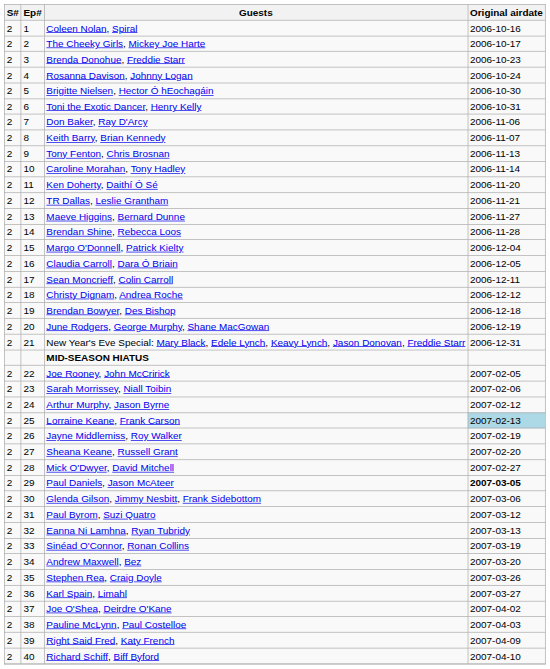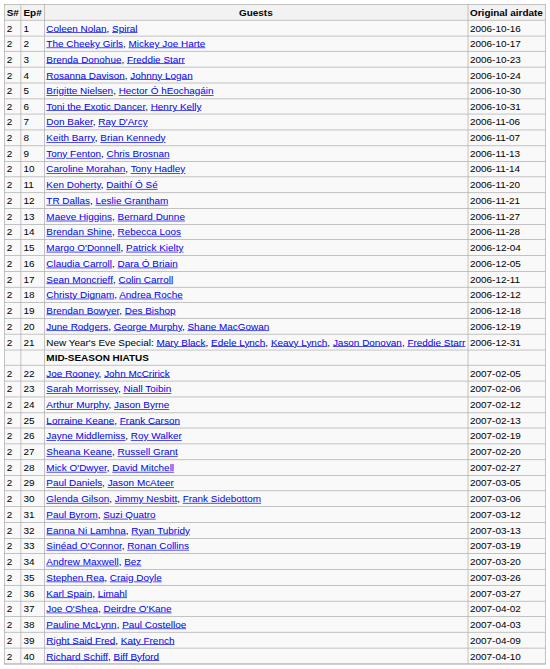 <table class="wikitable" style="font-size:90%">
 <tr>
 <th>S#</th>
 <th>Ep#</th>
 <th>Guests</th>
 <th>Original airdate</th>
 </tr>
 <tr>
 <td>2</td>
 <td>1</td>
 <td><a href='#'>Coleen Nolan</a>, <a href='#'>Spiral</a></td>
 <td>2006-10-16</td>
 </tr>
 <tr>
 <td>2</td>
 <td>2</td>
 <td><a href='#'>The Cheeky Girls</a>, <a href='#'>Mickey Joe Harte</a></td>
 <td>2006-10-17</td>
 </tr>
 <tr>
 <td>2</td>
 <td>3</td>
 <td><a href='#'>Brenda Donohue</a>, <a href='#'>Freddie Starr</a></td>
 <td>2006-10-23</td>
 </tr>
 <tr>
 <td>2</td>
 <td>4</td>
 <td><a href='#'>Rosanna Davison</a>, <a href='#'>Johnny Logan</a></td>
 <td>2006-10-24</td>
 </tr>
 <tr>
 <td>2</td>
 <td>5</td>
 <td><a href='#'>Brigitte Nielsen</a>, <a href='#'>Hector Ó hEochagáin</a></td>
 <td>2006-10-30</td>
 </tr>
 <tr>
 <td>2</td>
 <td>6</td>
 <td><a href='#'>Toni the Exotic Dancer</a>, <a href='#'>Henry Kelly</a></td>
 <td>2006-10-31</td>
 </tr>
 <tr>
 <td>2</td>
 <td>7</td>
 <td><a href='#'>Don Baker</a>, <a href='#'>Ray D'Arcy</a></td>
 <td>2006-11-06</td>
 </tr>
 <tr>
 <td>2</td>
 <td>8</td>
 <td><a href='#'>Keith Barry</a>, <a href='#'>Brian Kennedy</a></td>
 <td>2006-11-07</td>
 </tr>
 <tr>
 <td>2</td>
 <td>9</td>
 <td><a href='#'>Tony Fenton</a>, <a href='#'>Chris Brosnan</a></td>
 <td>2006-11-13</td>
 </tr>
 <tr>
 <td>2</td>
 <td>10</td>
 <td><a href='#'>Caroline Morahan</a>, <a href='#'>Tony Hadley</a></td>
 <td>2006-11-14</td>
 </tr>
 <tr>
 <td>2</td>
 <td>11</td>
 <td><a href='#'>Ken Doherty</a>, <a href='#'>Daithí Ó Sé</a></td>
 <td>2006-11-20</td>
 </tr>
 <tr>
 <td>2</td>
 <td>12</td>
 <td><a href='#'>TR Dallas</a>, <a href='#'>Leslie Grantham</a></td>
 <td>2006-11-21</td>
 </tr>
 <tr>
 <td>2</td>
 <td>13</td>
 <td><a href='#'>Maeve Higgins</a>, <a href='#'>Bernard Dunne</a></td>
 <td>2006-11-27</td>
 </tr>
 <tr>
 <td>2</td>
 <td>14</td>
 <td><a href='#'>Brendan Shine</a>, <a href='#'>Rebecca Loos</a></td>
 <td>2006-11-28</td>
 </tr>
 <tr>
 <td>2</td>
 <td>15</td>
 <td><a href='#'>Margo O'Donnell</a>, <a href='#'>Patrick Kielty</a></td>
 <td>2006-12-04</td>
 </tr>
 <tr>
 <td>2</td>
 <td>16</td>
 <td><a href='#'>Claudia Carroll</a>, <a href='#'>Dara Ó Briain</a></td>
 <td>2006-12-05</td>
 </tr>
 <tr>
 <td>2</td>
 <td>17</td>
 <td><a href='#'>Sean Moncrieff</a>, <a href='#'>Colin Carroll</a></td>
 <td>2006-12-11</td>
 </tr>
 <tr>
 <td>2</td>
 <td>18</td>
 <td><a href='#'>Christy Dignam</a>, <a href='#'>Andrea Roche</a></td>
 <td>2006-12-12</td>
 </tr>
 <tr>
 <td>2</td>
 <td>19</td>
 <td><a href='#'>Brendan Bowyer</a>, <a href='#'>Des Bishop</a></td>
 <td>2006-12-18</td>
 </tr>
 <tr>
 <td>2</td>
 <td>20</td>
 <td><a href='#'>June Rodgers</a>, <a href='#'>George Murphy</a>, <a href='#'>Shane MacGowan</a></td>
 <td>2006-12-19</td>
 </tr>
 <tr>
 <td>2</td>
 <td>21</td>
 <td>New Year's Eve Special: <a href='#'>Mary Black</a>, <a href='#'>Edele Lynch</a>, <a href='#'>Keavy Lynch</a>, <a href='#'>Jason Donovan</a>, <a href='#'>Freddie Starr</a></td>
 <td>2006-12-31</td>
 </tr>
 <tr>
 <td></td>
 <td></td>
 <td><strong>MID-SEASON HIATUS</strong></td>
 </tr>
 <tr>
 <td>2</td>
 <td>22</td>
 <td><a href='#'>Joe Rooney</a>, <a href='#'>John McCririck</a></td>
 <td>2007-02-05</td>
 </tr>
 <tr>
 <td>2</td>
 <td>23</td>
 <td><a href='#'>Sarah Morrissey</a>, <a href='#'>Niall Toibin</a></td>
 <td>2007-02-06</td>
 </tr>
 <tr>
 <td>2</td>
 <td>24</td>
 <td><a href='#'>Arthur Murphy</a>, <a href='#'>Jason Byrne</a></td>
 <td>2007-02-12</td>
 </tr>
 <tr>
 <td>2</td>
 <td>25</td>
 <td><a href='#'>Lorraine Keane</a>, <a href='#'>Frank Carson</a></td>
-<td style="background: lightblue;">2007-02-13</td>
+<td>2007-02-13</td>
 </tr>
 <tr>
 <td>2</td>
 <td>26</td>
 <td><a href='#'>Jayne Middlemiss</a>, <a href='#'>Roy Walker</a></td>
 <td>2007-02-19</td>
 </tr>
 <tr>
 <td>2</td>
 <td>27</td>
 <td><a href='#'>Sheana Keane</a>, <a href='#'>Russell Grant</a></td>
 <td>2007-02-20</td>
 </tr>
 <tr>
 <td>2</td>
 <td>28</td>
 <td><a href='#'>Mick O'Dwyer</a>, <a href='#'>David Mitchell</a></td>
 <td>2007-02-27</td>
 </tr>
 <tr>
 <td>2</td>
 <td>29</td>
 <td><a href='#'>Paul Daniels</a>, <a href='#'>Jason McAteer</a></td>
-<td><strong>2007-03-05</strong></td>
+<td>2007-03-05</td>
 </tr>
 <tr>
 <td>2</td>
 <td>30</td>
 <td><a href='#'>Glenda Gilson</a>, <a href='#'>Jimmy Nesbitt</a>, <a href='#'>Frank Sidebottom</a></td>
 <td>2007-03-06</td>
 </tr>
 <tr>
 <td>2</td>
 <td>31</td>
 <td><a href='#'>Paul Byrom</a>, <a href='#'>Suzi Quatro</a></td>
 <td>2007-03-12</td>
 </tr>
 <tr>
 <td>2</td>
 <td>32</td>
 <td><a href='#'>Eanna Ni Lamhna</a>, <a href='#'>Ryan Tubridy</a></td>
 <td>2007-03-13</td>
 </tr>
 <tr>
 <td>2</td>
 <td>33</td>
 <td><a href='#'>Sinéad O'Connor</a>, <a href='#'>Ronan Collins</a></td>
 <td>2007-03-19</td>
 </tr>
 <tr>
 <td>2</td>
 <td>34</td>
 <td><a href='#'>Andrew Maxwell</a>, <a href='#'>Bez</a></td>
 <td>2007-03-20</td>
 </tr>
 <tr>
 <td>2</td>
 <td>35</td>
 <td><a href='#'>Stephen Rea</a>, <a href='#'>Craig Doyle</a></td>
 <td>2007-03-26</td>
 </tr>
 <tr>
 <td>2</td>
 <td>36</td>
 <td><a href='#'>Karl Spain</a>, <a href='#'>Limahl</a></td>
 <td>2007-03-27</td>
 </tr>
 <tr>
 <td>2</td>
 <td>37</td>
 <td><a href='#'>Joe O'Shea</a>, <a href='#'>Deirdre O'Kane</a></td>
 <td>2007-04-02</td>
 </tr>
 <tr>
 <td>2</td>
 <td>38</td>
 <td><a href='#'>Pauline McLynn</a>, <a href='#'>Paul Costelloe</a></td>
 <td>2007-04-03</td>
 </tr>
 <tr>
 <td>2</td>
 <td>39</td>
 <td><a href='#'>Right Said Fred</a>, <a href='#'>Katy French</a></td>
 <td>2007-04-09</td>
 </tr>
 <tr>
 <td>2</td>
 <td>40</td>
 <td><a href='#'>Richard Schiff</a>, <a href='#'>Biff Byford</a></td>
 <td>2007-04-10</td>
 </tr>
 <tr>
 </tr>
 </table>
